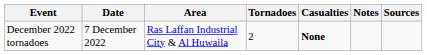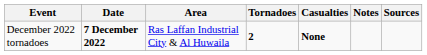 <table class="wikitable collapsible sortable" style="width:100%;">
 <tr>
 <th scope="col" class="unsortable">Event</th>
 <th>Date</th>
 <th>Area</th>
 <th>Tornadoes</th>
 <th>Casualties</th>
 <th scope="col" class="unsortable">Notes</th>
 <th scope="col" class="unsortable">Sources</th>
 </tr>
 <tr>
 <td>December 2022 tornadoes</td>
-<td>7 December 2022</td>
+<td><strong>7 December 2022</strong></td>
 <td><a href='#'>Ras Laffan Industrial City</a> & <a href='#'>Al Huwaila</a></td>
-<td>2</td>
+<td><strong>2</strong></td>
 <td><strong>None</strong></td>
 <td></td>
 </tr>
 </table>
